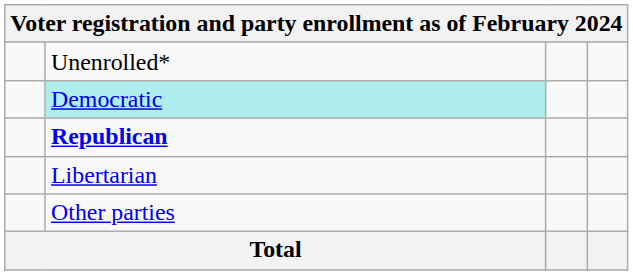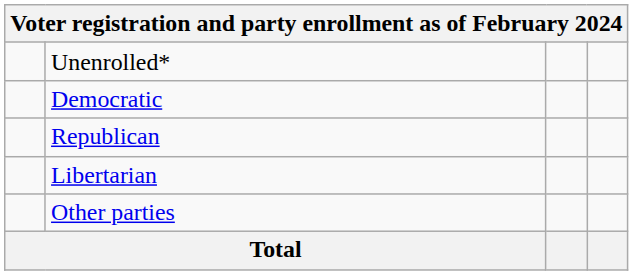 <table class=wikitable>
 <tr>
 <th colspan = 6>Voter registration and party enrollment as of February 2024</th>
 </tr>
 <tr>
 <td></td>
 <td>Unenrolled*</td>
 <td align = center></td>
 <td align = center></td>
 </tr>
 <tr>
 <td></td>
-<td style="background: paleturquoise;"><a href='#'>Democratic</a></td>
+<td><a href='#'>Democratic</a></td>
 <td align = center></td>
 <td align = center></td>
 </tr>
 <tr>
 <td></td>
-<td><strong><a href='#'>Republican</a></strong></td>
+<td><a href='#'>Republican</a></td>
 <td align = center></td>
 <td align = center></td>
 </tr>
 <tr>
 <td></td>
 <td><a href='#'>Libertarian</a></td>
 <td align = center></td>
 <td align = center></td>
 </tr>
 <tr>
 <td></td>
 <td><a href='#'>Other parties</a></td>
 <td align = center></td>
 <td align = center></td>
 </tr>
 <tr>
 <th colspan = 2>Total</th>
 <th align = center></th>
 <th align = center></th>
 </tr>
 </table>
